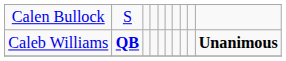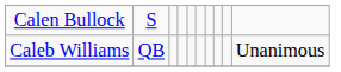 <table class="wikitable sortable sortable" style="text-align: center">
 <tr>
 <td><a href='#'>Calen Bullock</a></td>
 <td><a href='#'>S</a></td>
 <td></td>
 <td></td>
 <td></td>
 <td></td>
 <td></td>
 <td></td>
 <td></td>
 </tr>
 <tr>
 <td><a href='#'>Caleb Williams</a></td>
-<td><strong><a href='#'>QB</a></strong></td>
+<td><a href='#'>QB</a></td>
 <td></td>
 <td></td>
 <td></td>
 <td></td>
 <td></td>
 <td></td>
 <td></td>
-<td><strong>Unanimous</strong></td>
+<td>Unanimous</td>
 </tr>
 <tr>
 </tr>
 </table>
